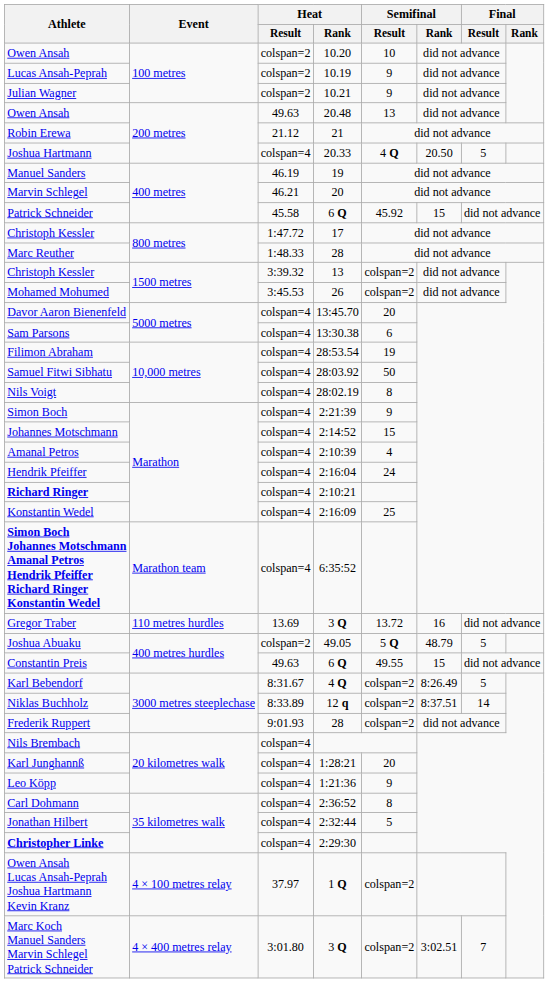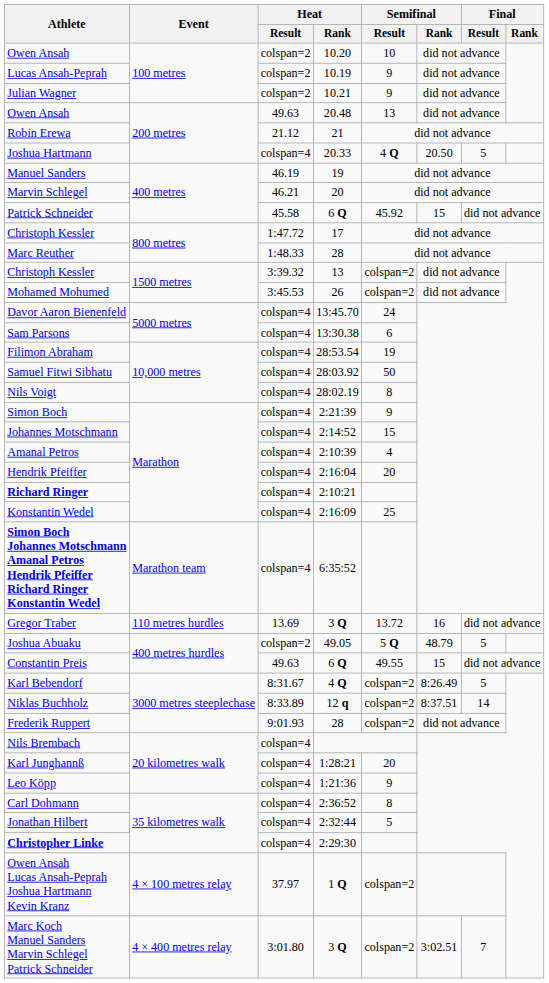 <table class=wikitable style=font-size:90%>
 <tr>
 <th rowspan=2>Athlete</th>
 <th rowspan=2>Event</th>
 <th colspan=2>Heat</th>
 <th colspan=2>Semifinal</th>
 <th colspan=2>Final</th>
 </tr>
 <tr style=font-size:95%>
 <th>Result</th>
 <th>Rank</th>
 <th>Result</th>
 <th>Rank</th>
 <th>Result</th>
 <th>Rank</th>
 </tr>
 <tr align=center>
 <td align=left><a href='#'>Owen Ansah</a></td>
 <td align=left rowspan=3><a href='#'>100 metres</a></td>
 <td>colspan=2</td>
 <td>10.20</td>
 <td>10</td>
 <td colspan=2>did not advance</td>
 </tr>
 <tr align=center>
 <td align=left><a href='#'>Lucas Ansah-Peprah</a></td>
 <td>colspan=2</td>
 <td>10.19</td>
 <td>9</td>
 <td colspan=2>did not advance</td>
 </tr>
 <tr align=center>
 <td align=left><a href='#'>Julian Wagner</a></td>
 <td>colspan=2</td>
 <td>10.21</td>
 <td>9</td>
 <td colspan=2>did not advance</td>
 </tr>
 <tr align=center>
 <td align=left><a href='#'>Owen Ansah</a></td>
 <td align=left rowspan=3><a href='#'>200 metres</a></td>
 <td>49.63 </td>
 <td>20.48</td>
 <td>13</td>
 <td colspan=2>did not advance</td>
 </tr>
 <tr align=center>
 <td align=left><a href='#'>Robin Erewa</a></td>
 <td>21.12</td>
 <td>21</td>
 <td colspan=4>did not advance</td>
 </tr>
 <tr align=center>
 <td align=left><a href='#'>Joshua Hartmann</a></td>
 <td>colspan=4</td>
 <td>20.33 </td>
 <td>4 <strong>Q</strong></td>
 <td>20.50</td>
 <td>5</td>
 </tr>
 <tr align=center>
 <td align=left><a href='#'>Manuel Sanders</a></td>
 <td align=left rowspan=3><a href='#'>400 metres</a></td>
 <td>46.19</td>
 <td>19</td>
 <td colspan=4>did not advance</td>
 </tr>
 <tr align=center>
 <td align=left><a href='#'>Marvin Schlegel</a></td>
 <td>46.21</td>
 <td>20</td>
 <td colspan=4>did not advance</td>
 </tr>
 <tr align=center>
 <td align=left><a href='#'>Patrick Schneider</a></td>
 <td>45.58</td>
 <td>6 <strong>Q</strong></td>
 <td>45.92</td>
 <td>15</td>
 <td colspan=2>did not advance</td>
 </tr>
 <tr align=center>
 <td align=left><a href='#'>Christoph Kessler</a></td>
 <td align=left rowspan=2><a href='#'>800 metres</a></td>
 <td>1:47.72</td>
 <td>17</td>
 <td colspan=4>did not advance</td>
 </tr>
 <tr align=center>
 <td align=left><a href='#'>Marc Reuther</a></td>
 <td>1:48.33</td>
 <td>28</td>
 <td colspan=4>did not advance</td>
 </tr>
 <tr align=center>
 <td align=left><a href='#'>Christoph Kessler</a></td>
 <td align=left rowspan=2><a href='#'>1500 metres</a></td>
 <td>3:39.32</td>
 <td>13</td>
 <td>colspan=2</td>
 <td colspan=2>did not advance</td>
 </tr>
 <tr align=center>
 <td align=left><a href='#'>Mohamed Mohumed</a></td>
 <td>3:45.53</td>
 <td>26</td>
 <td>colspan=2</td>
 <td colspan=2>did not advance</td>
 </tr>
 <tr align=center>
 <td align=left><a href='#'>Davor Aaron Bienenfeld</a></td>
 <td align=left rowspan=2><a href='#'>5000 metres</a></td>
 <td>colspan=4</td>
 <td>13:45.70</td>
-<td>20</td>
+<td>24</td>
 </tr>
 <tr align=center>
 <td align=left><a href='#'>Sam Parsons</a></td>
 <td>colspan=4</td>
 <td>13:30.38</td>
 <td>6</td>
 </tr>
 <tr align=center>
 <td align=left><a href='#'>Filimon Abraham</a></td>
 <td align=left rowspan=3><a href='#'>10,000 metres</a></td>
 <td>colspan=4</td>
 <td>28:53.54</td>
 <td>19</td>
 </tr>
 <tr align=center>
 <td align=left><a href='#'>Samuel Fitwi Sibhatu</a></td>
 <td>colspan=4</td>
 <td>28:03.92 </td>
 <td>50</td>
 </tr>
 <tr align=center>
 <td align=left><a href='#'>Nils Voigt</a></td>
 <td>colspan=4</td>
 <td>28:02.19</td>
 <td>8</td>
 </tr>
 <tr align=center>
 <td align=left><a href='#'>Simon Boch</a></td>
 <td align=left rowspan=6><a href='#'>Marathon</a></td>
 <td>colspan=4</td>
 <td>2:21:39 </td>
 <td>9</td>
 </tr>
 <tr align=center>
 <td align=left><a href='#'>Johannes Motschmann</a></td>
 <td>colspan=4</td>
 <td>2:14:52 </td>
 <td>15</td>
 </tr>
 <tr align=center>
 <td align=left><a href='#'>Amanal Petros</a></td>
 <td>colspan=4</td>
 <td>2:10:39 </td>
 <td>4</td>
 </tr>
 <tr align=center>
 <td align=left><a href='#'>Hendrik Pfeiffer</a></td>
 <td>colspan=4</td>
 <td>2:16:04</td>
-<td>24</td>
+<td>20</td>
 </tr>
 <tr align=center>
 <td align=left><strong><a href='#'>Richard Ringer</a></strong></td>
 <td>colspan=4</td>
 <td>2:10:21 </td>
 <td></td>
 </tr>
 <tr align=center>
 <td align=left><a href='#'>Konstantin Wedel</a></td>
 <td>colspan=4</td>
 <td>2:16:09</td>
 <td>25</td>
 </tr>
 <tr align=center>
 <td align=left><strong><a href='#'>Simon Boch</a><br><a href='#'>Johannes Motschmann</a><br><a href='#'>Amanal Petros</a><br><a href='#'>Hendrik Pfeiffer</a><br><a href='#'>Richard Ringer</a><br><a href='#'>Konstantin Wedel</a></strong></td>
 <td align=left><a href='#'>Marathon team</a></td>
 <td>colspan=4</td>
 <td>6:35:52</td>
 <td></td>
 </tr>
 <tr align=center>
 <td align=left><a href='#'>Gregor Traber</a></td>
 <td align=left><a href='#'>110 metres hurdles</a></td>
 <td>13.69</td>
 <td>3 <strong>Q</strong></td>
 <td>13.72</td>
 <td>16</td>
 <td colspan=2>did not advance</td>
 </tr>
 <tr align=center>
 <td align=left><a href='#'>Joshua Abuaku</a></td>
 <td align=left rowspan=2><a href='#'>400 metres hurdles</a></td>
 <td>colspan=2</td>
 <td>49.05</td>
 <td>5 <strong>Q</strong></td>
 <td>48.79 </td>
 <td>5</td>
 </tr>
 <tr align=center>
 <td align=left><a href='#'>Constantin Preis</a></td>
 <td>49.63 </td>
 <td>6 <strong>Q</strong></td>
 <td>49.55 </td>
 <td>15</td>
 <td colspan=2>did not advance</td>
 </tr>
 <tr align=center>
 <td align=left><a href='#'>Karl Bebendorf</a></td>
 <td align=left rowspan=3><a href='#'>3000 metres steeplechase</a></td>
 <td>8:31.67</td>
 <td>4 <strong>Q</strong></td>
 <td>colspan=2</td>
 <td>8:26.49</td>
 <td>5</td>
 </tr>
 <tr align=center>
 <td align=left><a href='#'>Niklas Buchholz</a></td>
 <td>8:33.89</td>
 <td>12 <strong>q</strong></td>
 <td>colspan=2</td>
 <td>8:37.51</td>
 <td>14</td>
 </tr>
 <tr align=center>
 <td align=left><a href='#'>Frederik Ruppert</a></td>
 <td>9:01.93</td>
 <td>28</td>
 <td>colspan=2</td>
 <td colspan=2>did not advance</td>
 </tr>
 <tr align=center>
 <td align=left><a href='#'>Nils Brembach</a></td>
 <td align=left rowspan=3><a href='#'>20 kilometres walk</a></td>
 <td>colspan=4</td>
 <td colspan=2></td>
 </tr>
 <tr align=center>
 <td align=left><a href='#'>Karl Junghannß</a></td>
 <td>colspan=4</td>
 <td>1:28:21</td>
 <td>20</td>
 </tr>
 <tr align=center>
 <td align=left><a href='#'>Leo Köpp</a></td>
 <td>colspan=4</td>
 <td>1:21:36 </td>
 <td>9</td>
 </tr>
 <tr align=center>
 <td align=left><a href='#'>Carl Dohmann</a></td>
 <td align=left rowspan=3><a href='#'>35 kilometres walk</a></td>
 <td>colspan=4</td>
 <td>2:36:52</td>
 <td>8</td>
 </tr>
 <tr align=center>
 <td align=left><a href='#'>Jonathan Hilbert</a></td>
 <td>colspan=4</td>
 <td>2:32:44 </td>
 <td>5</td>
 </tr>
 <tr align=center>
 <td align=left><strong><a href='#'>Christopher Linke</a></strong></td>
 <td>colspan=4</td>
 <td>2:29:30 </td>
 <td></td>
 </tr>
 <tr align=center>
 <td align=left><a href='#'>Owen Ansah</a><br><a href='#'>Lucas Ansah-Peprah</a><br><a href='#'>Joshua Hartmann</a><br><a href='#'>Kevin Kranz</a></td>
 <td align=left><a href='#'>4 × 100 metres relay</a></td>
 <td>37.97 </td>
 <td>1 <strong>Q</strong></td>
 <td>colspan=2</td>
 <td colspan=2></td>
 </tr>
 <tr align=center>
 <td align=left><a href='#'>Marc Koch</a><br><a href='#'>Manuel Sanders</a><br><a href='#'>Marvin Schlegel</a><br><a href='#'>Patrick Schneider</a></td>
 <td align=left><a href='#'>4 × 400 metres relay</a></td>
 <td>3:01.80 </td>
 <td>3 <strong>Q</strong></td>
 <td>colspan=2</td>
 <td>3:02.51</td>
 <td>7</td>
 </tr>
 </table>
